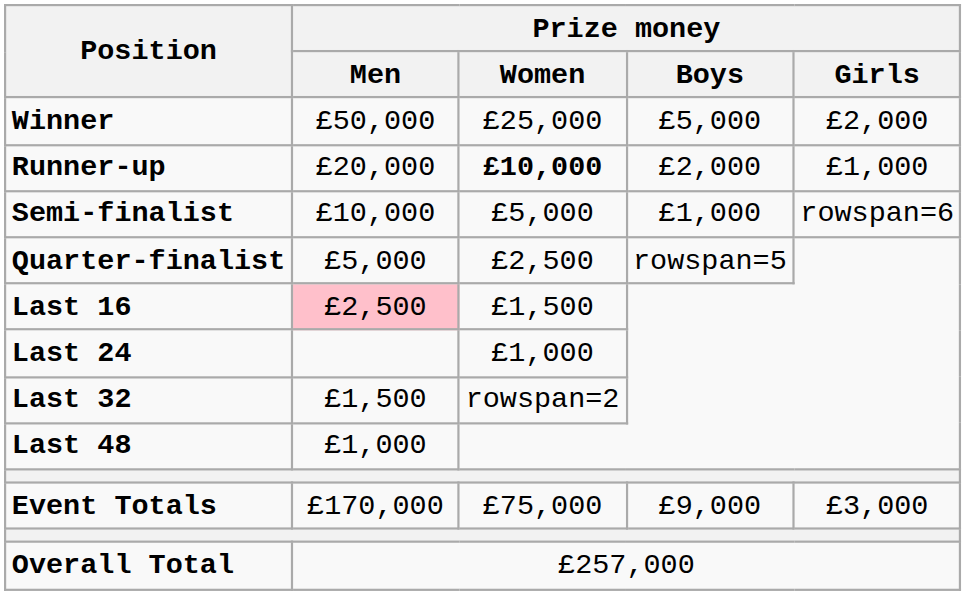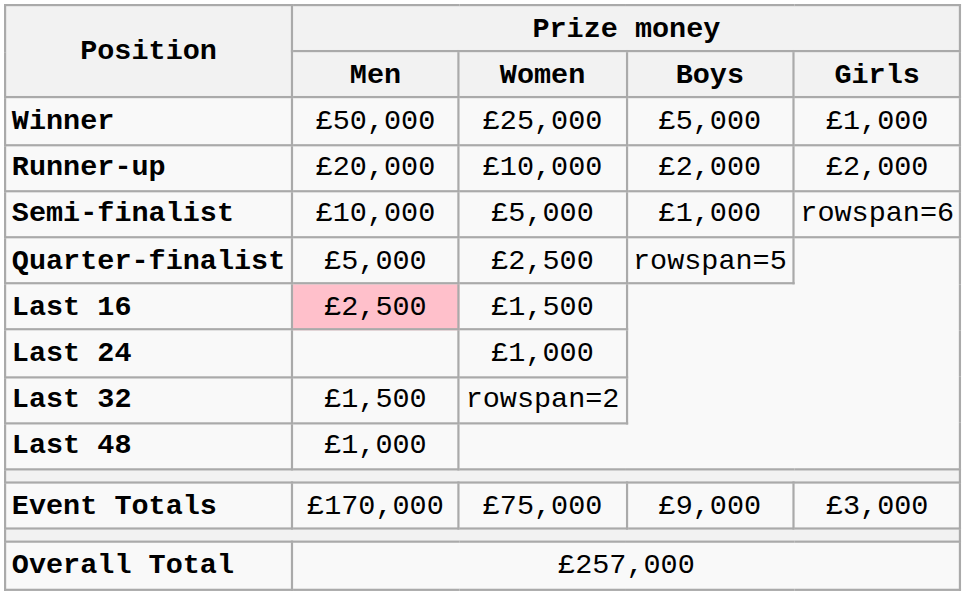 <table class="wikitable">
 <tr>
 <th rowspan=2>Position</th>
 <th colspan=4>Prize money</th>
 </tr>
 <tr>
 <th width=70px>Men</th>
 <th width=70px>Women</th>
 <th width=70px>Boys</th>
 <th width=70px>Girls</th>
 </tr>
 <tr>
 <td><strong>Winner</strong></td>
 <td align="center">£50,000</td>
 <td align="center">£25,000</td>
 <td align="center">£5,000</td>
-<td align="center">£2,000</td>
+<td align="center">£1,000</td>
 </tr>
 <tr>
 <td><strong>Runner-up</strong></td>
 <td align="center">£20,000</td>
-<td align="center"><strong>£10,000</strong></td>
+<td align="center">£10,000</td>
 <td align="center">£2,000</td>
-<td align="center">£1,000</td>
+<td align="center">£2,000</td>
 </tr>
 <tr>
 <td><strong>Semi-finalist</strong></td>
 <td align="center">£10,000</td>
 <td align="center">£5,000</td>
 <td align="center">£1,000</td>
 <td>rowspan=6 </td>
 </tr>
 <tr>
 <td><strong>Quarter-finalist</strong></td>
 <td align="center">£5,000</td>
 <td align="center">£2,500</td>
 <td>rowspan=5 </td>
 </tr>
 <tr>
 <td><strong>Last 16</strong></td>
 <td align="center" style="background: pink;">£2,500</td>
 <td align="center">£1,500</td>
 </tr>
 <tr>
 <td><strong>Last 24</strong></td>
 <td></td>
 <td align="center">£1,000</td>
 </tr>
 <tr>
 <td><strong>Last 32</strong></td>
 <td align="center">£1,500</td>
 <td>rowspan=2 </td>
 </tr>
 <tr>
 <td><strong>Last 48</strong></td>
 <td align="center">£1,000</td>
 </tr>
 <tr>
 <th colspan="5"></th>
 </tr>
 <tr>
 <td><strong>Event Totals</strong></td>
 <td align="center">£170,000</td>
 <td align="center">£75,000</td>
 <td align="center">£9,000</td>
 <td align="center">£3,000</td>
 </tr>
 <tr>
 <th colspan="5"></th>
 </tr>
 <tr>
 <td><strong>Overall Total</strong></td>
 <td colspan="5" align="center">£257,000</td>
 </tr>
 </table>
